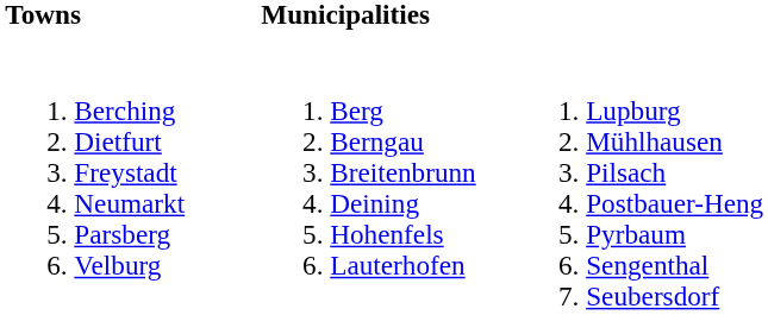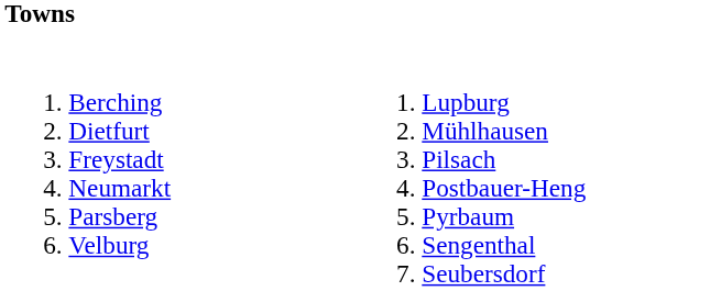 <table>
 <tr>
 <th align=left width=33%>Towns</th>
-<th align=left width=33%>Municipalities</th>
 <th align=left width=33%></th>
 </tr>
 <tr valign=top>
 <td><br><ol><li><a href='#'>Berching</a></li><li><a href='#'>Dietfurt</a></li><li><a href='#'>Freystadt</a></li><li><a href='#'>Neumarkt</a></li><li><a href='#'>Parsberg</a></li><li><a href='#'>Velburg</a></li></ol></td>
-<td><br><ol><li><a href='#'>Berg</a></li><li><a href='#'>Berngau</a></li><li><a href='#'>Breitenbrunn</a></li><li><a href='#'>Deining</a></li><li><a href='#'>Hohenfels</a></li><li><a href='#'>Lauterhofen</a></li></ol></td>
 <td><br><ol> <li><a href='#'>Lupburg</a></li> <li><a href='#'>Mühlhausen</a></li> <li><a href='#'>Pilsach</a></li> <li><a href='#'>Postbauer-Heng</a></li> <li><a href='#'>Pyrbaum</a></li> <li><a href='#'>Sengenthal</a></li> <li><a href='#'>Seubersdorf</a></li> </ol></td>
 </tr>
 </table>
